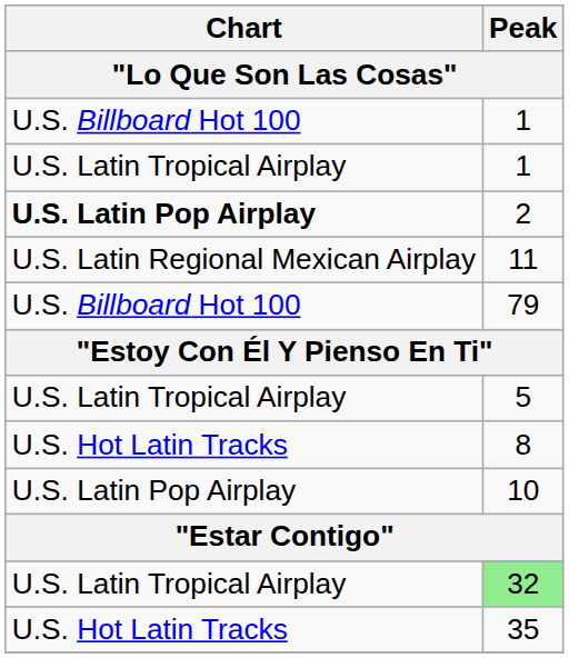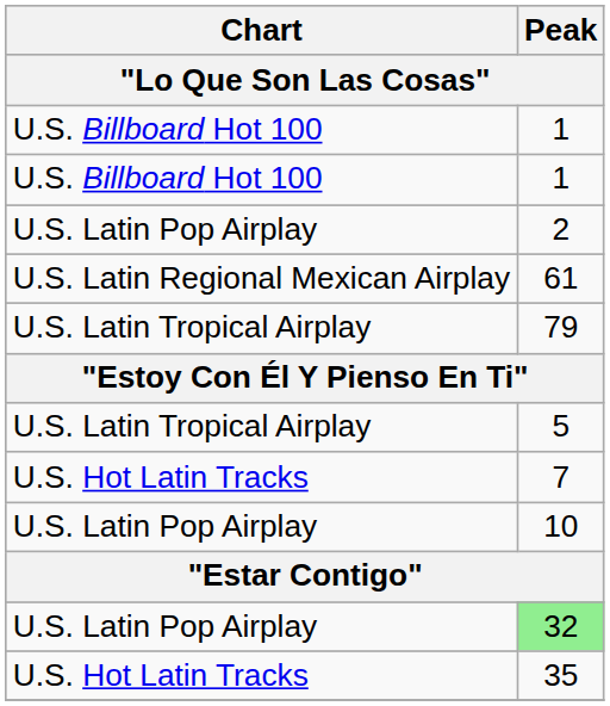 <table class="wikitable">
 <tr>
 <th align="left">Chart</th>
 <th align="left">Peak</th>
 </tr>
 <tr>
 <th align="center" colspan="2">"Lo Que Son Las Cosas"</th>
 </tr>
 <tr>
 <td align="left">U.S. <a href='#'><em>Billboard</em> Hot 100</a></td>
 <td align="center">1</td>
 </tr>
 <tr>
-<td align="left">U.S. Latin Tropical Airplay</td>
+<td align="left">U.S. <a href='#'><em>Billboard</em> Hot 100</a></td>
 <td align="center">1</td>
 </tr>
 <tr>
-<td align="left"><strong>U.S. Latin Pop Airplay</strong></td>
+<td align="left">U.S. Latin Pop Airplay</td>
 <td align="center">2</td>
 </tr>
 <tr>
 <td align="left">U.S. Latin Regional Mexican Airplay</td>
-<td align="center">11</td>
+<td align="center">61</td>
 </tr>
 <tr>
-<td align="left">U.S. <a href='#'><em>Billboard</em> Hot 100</a></td>
+<td align="left">U.S. Latin Tropical Airplay</td>
 <td align="center">79</td>
 </tr>
 <tr>
 <th align="center" colspan="2">"Estoy Con Él Y Pienso En Ti"</th>
 </tr>
 <tr>
 <td align="left">U.S. Latin Tropical Airplay</td>
 <td align="center">5</td>
 </tr>
 <tr>
 <td align="left">U.S. <a href='#'>Hot Latin Tracks</a></td>
-<td align="center">8</td>
+<td align="center">7</td>
 </tr>
 <tr>
 <td align="left">U.S. Latin Pop Airplay</td>
 <td align="center">10</td>
 </tr>
 <tr>
 <th align="center" colspan="2">"Estar Contigo"</th>
 </tr>
 <tr>
-<td align="left">U.S. Latin Tropical Airplay</td>
+<td align="left">U.S. Latin Pop Airplay</td>
 <td align="center" style="background: lightgreen;">32</td>
 </tr>
 <tr>
 <td align="left">U.S. <a href='#'>Hot Latin Tracks</a></td>
 <td align="center">35</td>
 </tr>
 <tr>
 </tr>
 </table>
